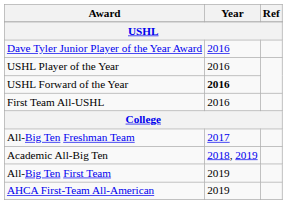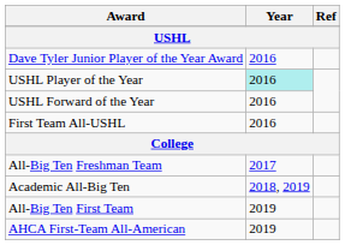 <table class="wikitable">
 <tr>
 <th>Award</th>
 <th>Year</th>
 <th>Ref</th>
 </tr>
 <tr>
 </tr>
 <tr>
 <th colspan="3"><a href='#'>USHL</a></th>
 </tr>
 <tr>
 <td><a href='#'>Dave Tyler Junior Player of the Year Award</a></td>
 <td><a href='#'>2016</a></td>
 <td></td>
 </tr>
 <tr>
 <td>USHL Player of the Year</td>
-<td>2016</td>
+<td style="background: paleturquoise;">2016</td>
 <td rowspan="2"></td>
 </tr>
 <tr>
 <td>USHL Forward of the Year</td>
-<td><strong>2016</strong></td>
+<td>2016</td>
 </tr>
 <tr>
 <td>First Team All-USHL</td>
 <td>2016</td>
 <td></td>
 </tr>
 <tr>
 <th colspan="3"><a href='#'>College</a></th>
 </tr>
 <tr>
 <td>All-<a href='#'>Big Ten</a> <a href='#'>Freshman Team</a></td>
 <td><a href='#'>2017</a></td>
 <td></td>
 </tr>
 <tr>
 <td>Academic All-Big Ten</td>
 <td><a href='#'>2018</a>, <a href='#'>2019</a></td>
 <td></td>
 </tr>
 <tr>
 <td>All-<a href='#'>Big Ten</a> <a href='#'>First Team</a></td>
 <td>2019</td>
 <td></td>
 </tr>
 <tr>
 <td><a href='#'>AHCA First-Team All-American</a></td>
 <td>2019</td>
 <td></td>
 </tr>
 </table>
